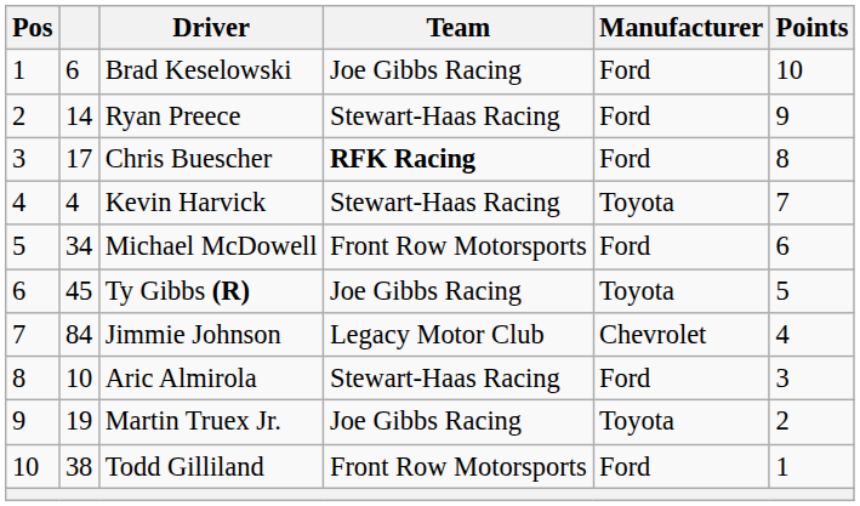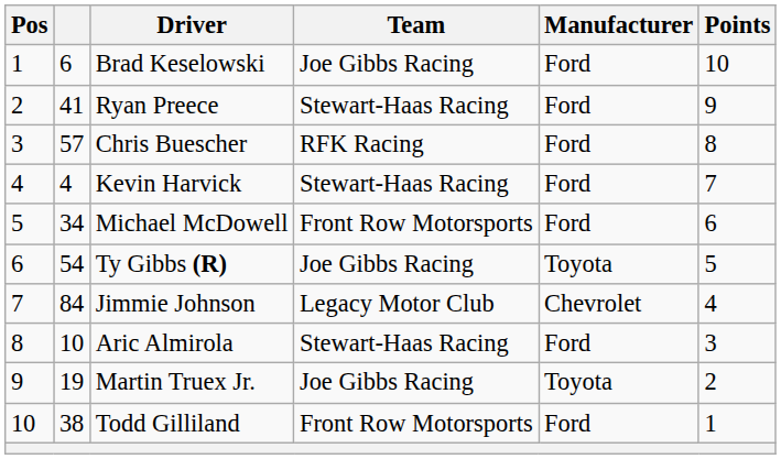 <table class="wikitable" style="font-size:98%">
 <tr>
 <th>Pos</th>
 <th></th>
 <th>Driver</th>
 <th>Team</th>
 <th>Manufacturer</th>
 <th>Points</th>
 </tr>
 <tr>
 <td>1</td>
 <td>6</td>
 <td>Brad Keselowski</td>
 <td>Joe Gibbs Racing</td>
 <td>Ford</td>
 <td>10</td>
 </tr>
 <tr>
 <td>2</td>
-<td>14</td>
+<td>41</td>
 <td>Ryan Preece</td>
 <td>Stewart-Haas Racing</td>
 <td>Ford</td>
 <td>9</td>
 </tr>
 <tr>
 <td>3</td>
-<td>17</td>
+<td>57</td>
 <td>Chris Buescher</td>
-<td><strong>RFK Racing</strong></td>
+<td>RFK Racing</td>
 <td>Ford</td>
 <td>8</td>
 </tr>
 <tr>
 <td>4</td>
 <td>4</td>
 <td>Kevin Harvick</td>
 <td>Stewart-Haas Racing</td>
-<td>Toyota</td>
+<td>Ford</td>
 <td>7</td>
 </tr>
 <tr>
 <td>5</td>
 <td>34</td>
 <td>Michael McDowell</td>
 <td>Front Row Motorsports</td>
 <td>Ford</td>
 <td>6</td>
 </tr>
 <tr>
 <td>6</td>
-<td>45</td>
+<td>54</td>
 <td>Ty Gibbs <strong>(R)</strong></td>
 <td>Joe Gibbs Racing</td>
 <td>Toyota</td>
 <td>5</td>
 </tr>
 <tr>
 <td>7</td>
 <td>84</td>
 <td>Jimmie Johnson</td>
 <td>Legacy Motor Club</td>
 <td>Chevrolet</td>
 <td>4</td>
 </tr>
 <tr>
 <td>8</td>
 <td>10</td>
 <td>Aric Almirola</td>
 <td>Stewart-Haas Racing</td>
 <td>Ford</td>
 <td>3</td>
 </tr>
 <tr>
 <td>9</td>
 <td>19</td>
 <td>Martin Truex Jr.</td>
 <td>Joe Gibbs Racing</td>
 <td>Toyota</td>
 <td>2</td>
 </tr>
 <tr>
 <td>10</td>
 <td>38</td>
 <td>Todd Gilliland</td>
 <td>Front Row Motorsports</td>
 <td>Ford</td>
 <td>1</td>
 </tr>
 <tr>
 <th colspan="6"></th>
 </tr>
 </table>
